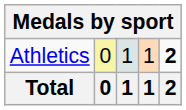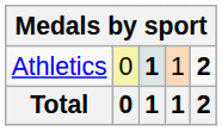 <table class="wikitable" style="font-size:90%; text-align:center;">
 <tr>
 <th colspan="5">Medals by sport</th>
 </tr>
 <tr>
 <td align="left"><a href='#'>Athletics</a></td>
 <td style="background:#F7F6A8;">0</td>
-<td style="background:#DCE5E5;">1</td>
+<td style="background:#DCE5E5;"><strong>1</strong></td>
 <td style="background:#FFDAB9;">1</td>
 <td><strong>2</strong></td>
 </tr>
 <tr class="sortbottom">
 <th>Total</th>
 <th>0</th>
 <th>1</th>
 <th>1</th>
 <th>2</th>
 </tr>
 </table>
